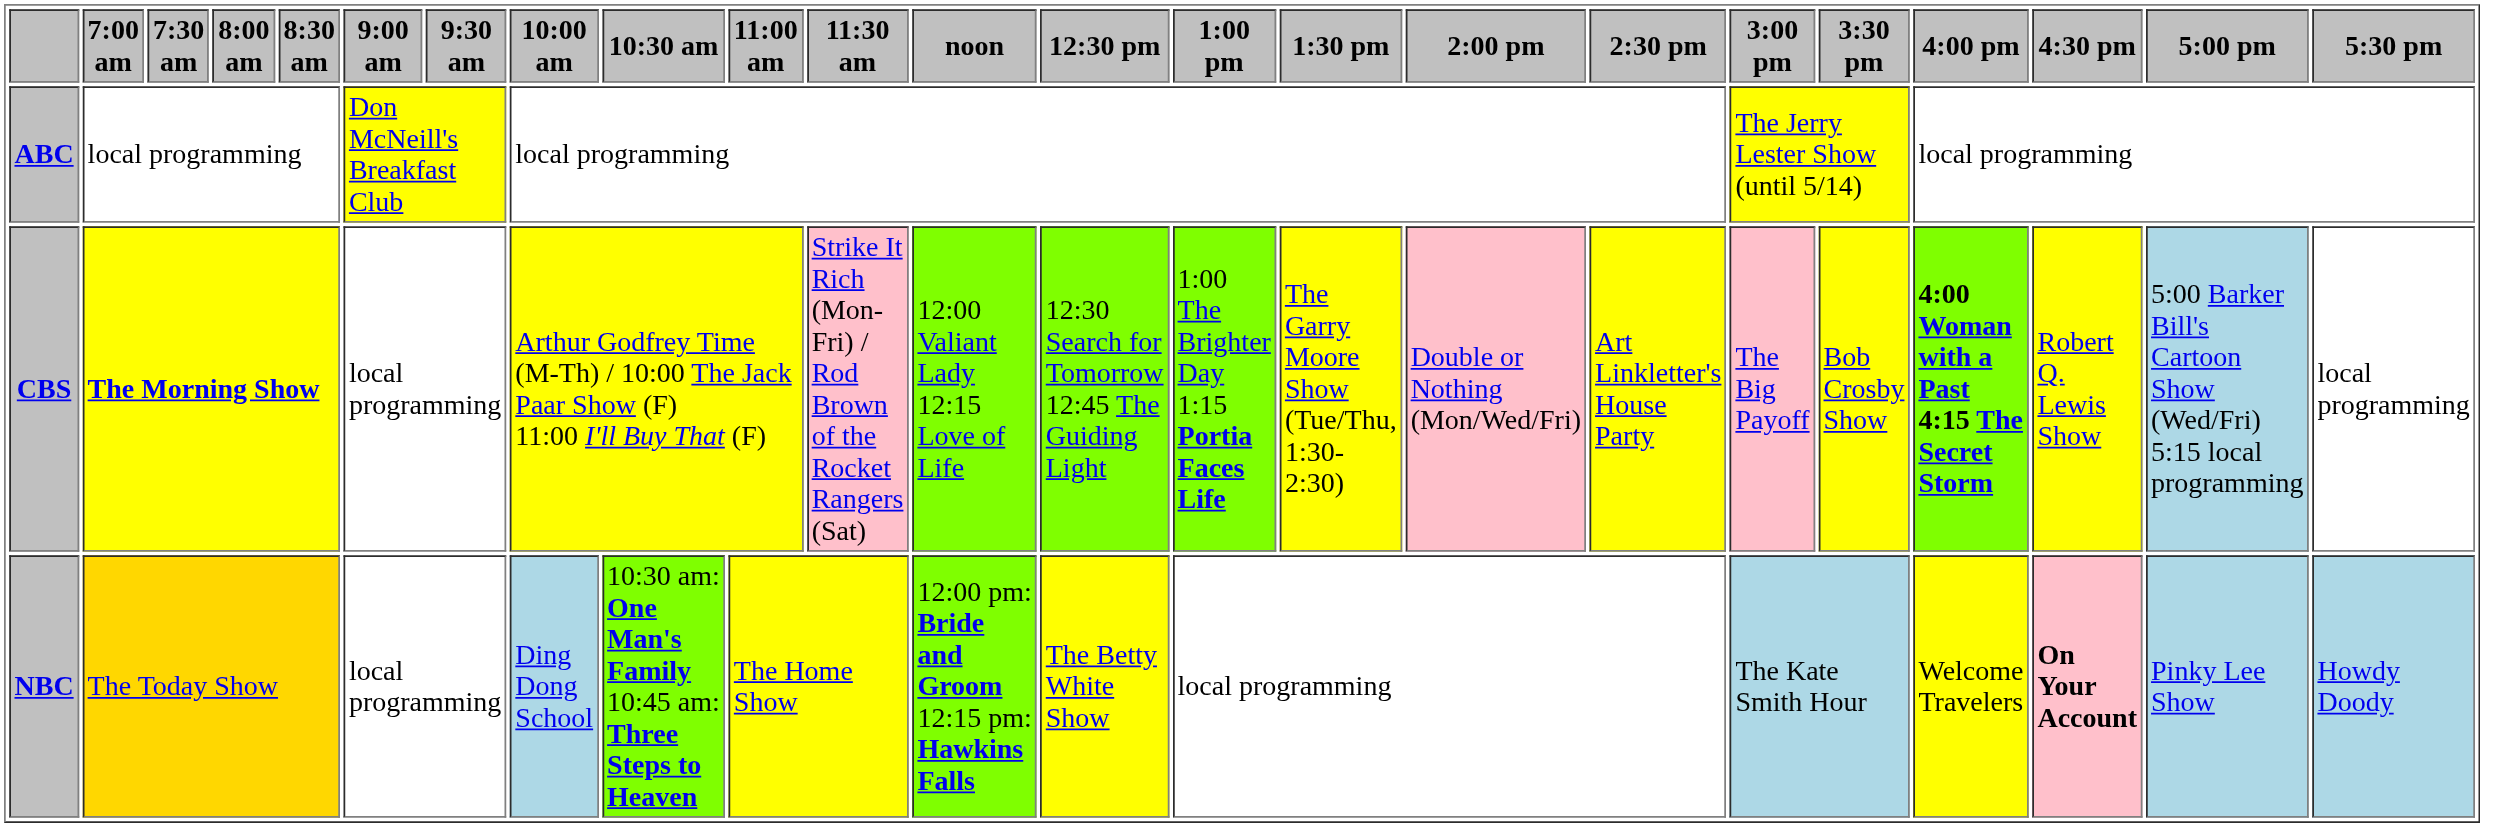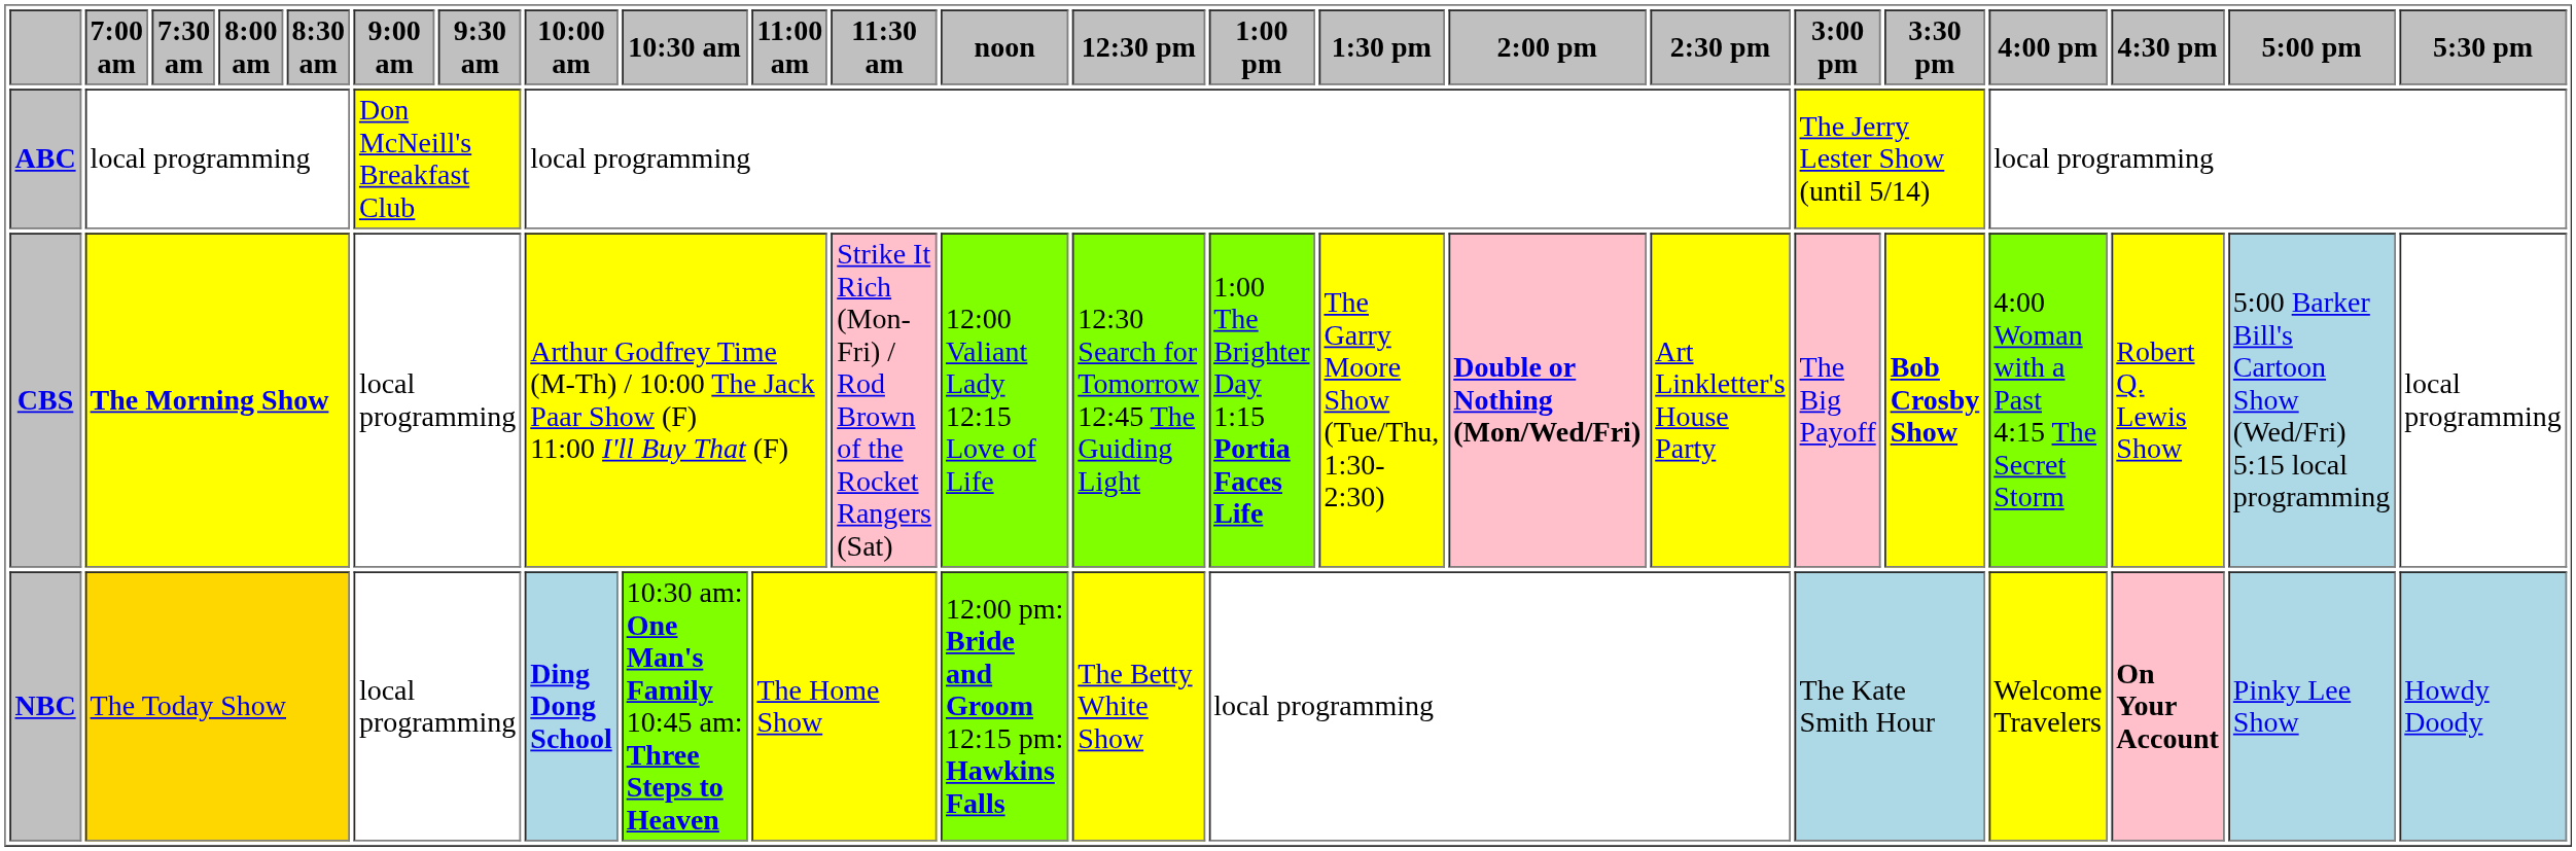 <table border="1" cellpadding="2">
 <tr>
 <th bgcolor="#C0C0C0"> </th>
 <th width="13%" bgcolor="#C0C0C0">7:00 am</th>
 <th width="14%" bgcolor="#C0C0C0">7:30 am</th>
 <th width="13%" bgcolor="#C0C0C0">8:00 am</th>
 <th width="14%" bgcolor="#C0C0C0">8:30 am</th>
 <th width="13%" bgcolor="#C0C0C0">9:00 am</th>
 <th width="14%" bgcolor="#C0C0C0">9:30 am</th>
 <th width="13%" bgcolor="#C0C0C0">10:00 am</th>
 <th width="14%" bgcolor="#C0C0C0">10:30 am</th>
 <th width="13%" bgcolor="#C0C0C0">11:00 am</th>
 <th width="14%" bgcolor="#C0C0C0">11:30 am</th>
 <th width="13%" bgcolor="#C0C0C0">noon</th>
 <th width="14%" bgcolor="#C0C0C0">12:30 pm</th>
 <th width="13%" bgcolor="#C0C0C0">1:00 pm</th>
 <th width="14%" bgcolor="#C0C0C0">1:30 pm</th>
 <th width="13%" bgcolor="#C0C0C0">2:00 pm</th>
 <th width="14%" bgcolor="#C0C0C0">2:30 pm</th>
 <th width="13%" bgcolor="#C0C0C0">3:00 pm</th>
 <th width="14%" bgcolor="#C0C0C0">3:30 pm</th>
 <th width="13%" bgcolor="#C0C0C0">4:00 pm</th>
 <th width="14%" bgcolor="#C0C0C0">4:30 pm</th>
 <th width="13%" bgcolor="#C0C0C0">5:00 pm</th>
 <th width="14%" bgcolor="#C0C0C0">5:30 pm</th>
 </tr>
 <tr>
 <th bgcolor="#C0C0C0"><a href='#'>ABC</a></th>
 <td bgcolor="white" colspan="4">local programming</td>
 <td bgcolor="yellow" colspan="2"><a href='#'>Don McNeill's Breakfast Club</a></td>
 <td bgcolor="white" colspan="10">local programming</td>
 <td bgcolor="yellow" colspan="2"><a href='#'>The Jerry Lester Show</a> (until 5/14)</td>
 <td bgcolor="white" colspan="4">local programming</td>
 </tr>
 <tr>
 <th bgcolor="#C0C0C0"><a href='#'>CBS</a></th>
 <td bgcolor="yellow" colspan="4"><strong><a href='#'>The Morning Show</a></strong></td>
 <td bgcolor="white" colspan="2">local programming</td>
 <td bgcolor="yellow" colspan="3"><a href='#'>Arthur Godfrey Time</a> (M-Th) / 10:00 <a href='#'>The Jack Paar Show</a> (F)<br>11:00 <em><a href='#'>I'll Buy That</a></em> (F)</td>
 <td bgcolor="pink"><a href='#'>Strike It Rich</a> (Mon-Fri) / <a href='#'>Rod Brown of the Rocket Rangers</a> (Sat)</td>
 <td bgcolor="chartreuse">12:00 <a href='#'>Valiant Lady</a><br>12:15 <a href='#'>Love of Life</a></td>
 <td bgcolor="chartreuse">12:30 <a href='#'>Search for Tomorrow</a><br>12:45 <a href='#'>The Guiding Light</a></td>
 <td bgcolor="chartreuse">1:00 <a href='#'>The Brighter Day</a><br>1:15 <strong><a href='#'>Portia Faces Life</a></strong></td>
 <td bgcolor="yellow"><a href='#'>The Garry Moore Show</a> (Tue/Thu, 1:30-2:30)</td>
-<td bgcolor="pink"><a href='#'>Double or Nothing</a> (Mon/Wed/Fri)</td>
+<td bgcolor="pink"><strong><a href='#'>Double or Nothing</a> (Mon/Wed/Fri)</strong></td>
 <td bgcolor="yellow"><a href='#'>Art Linkletter's House Party</a></td>
 <td bgcolor="pink"><a href='#'>The Big Payoff</a></td>
-<td bgcolor="yellow"><a href='#'>Bob Crosby Show</a></td>
-<td bgcolor="chartreuse"><strong>4:00 <a href='#'>Woman with a Past</a><br>4:15 <a href='#'>The Secret Storm</a></strong></td>
+<td bgcolor="yellow"><strong><a href='#'>Bob Crosby Show</a></strong></td>
+<td bgcolor="chartreuse">4:00 <a href='#'>Woman with a Past</a><br>4:15 <a href='#'>The Secret Storm</a></td>
 <td bgcolor="yellow"><a href='#'>Robert Q. Lewis Show</a></td>
 <td bgcolor="lightblue">5:00 <a href='#'>Barker Bill's Cartoon Show</a> (Wed/Fri)<br>5:15 local programming</td>
 <td bgcolor="white">local programming</td>
 </tr>
 <tr>
 <th bgcolor="#C0C0C0"><a href='#'>NBC</a></th>
 <td bgcolor="gold" colspan="4"><a href='#'>The Today Show</a></td>
 <td bgcolor="white" colspan="2">local programming</td>
-<td bgcolor="lightblue"><a href='#'>Ding Dong School</a></td>
+<td bgcolor="lightblue"><strong><a href='#'>Ding Dong School</a></strong></td>
 <td bgcolor="chartreuse">10:30 am: <strong><a href='#'>One Man's Family</a></strong> 10:45 am: <strong><a href='#'>Three Steps to Heaven</a></strong></td>
 <td bgcolor="yellow" colspan="2"><a href='#'>The Home Show</a></td>
 <td bgcolor="chartreuse" colspan="1">12:00 pm: <strong><a href='#'>Bride and Groom</a></strong><br>12:15 pm: <strong><a href='#'>Hawkins Falls</a></strong></td>
 <td bgcolor="yellow"><a href='#'>The Betty White Show</a></td>
 <td bgcolor="white" colspan="4">local programming</td>
 <td bgcolor="lightblue" colspan="2">The Kate Smith Hour</td>
 <td bgcolor="yellow">Welcome Travelers</td>
 <td bgcolor="pink"><strong>On Your Account</strong></td>
 <td bgcolor="lightblue"><a href='#'>Pinky Lee Show</a></td>
 <td bgcolor="lightblue"><a href='#'>Howdy Doody</a></td>
 </tr>
 </table>
